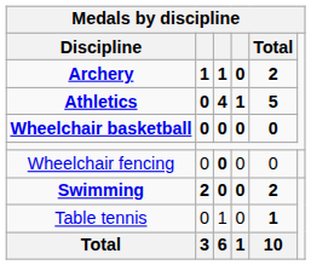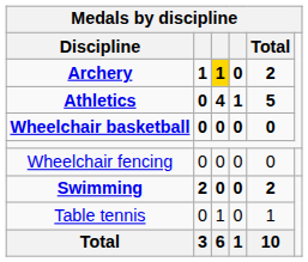 <table class="wikitable" style="font-size:85%" align="right">
 <tr bgcolor="#efefef">
 <th colspan=6>Medals by discipline</th>
 </tr>
 <tr style="text-align:center;">
 <th>Discipline</th>
 <th></th>
 <th></th>
 <th></th>
 <th>Total</th>
 </tr>
 <tr style="text-align:center; font-weight:bold;">
 <td><a href='#'>Archery</a></td>
 <td>1</td>
-<td>1</td>
+<td style="background: gold;">1</td>
 <td>0</td>
 <td>2</td>
 </tr>
 <tr style="text-align:center; font-weight:bold;">
 <td><a href='#'>Athletics</a></td>
 <td>0</td>
 <td>4</td>
 <td>1</td>
 <td>5</td>
 </tr>
 <tr style="text-align:center; font-weight:bold;">
 <td><a href='#'>Wheelchair basketball</a></td>
 <td>0</td>
 <td>0</td>
 <td>0</td>
 <td>0</td>
 </tr>
 <tr style="text-align:center; font-weight:bold;">
 <td></td>
 </tr>
 <tr style="text-align:center; ">
 <td><a href='#'>Wheelchair fencing</a></td>
 <td>0</td>
-<td><strong>0</strong></td>
+<td>0</td>
 <td>0</td>
 <td>0</td>
 <td></td>
 </tr>
 <tr style="text-align:center; font-weight:bold;">
 <td><a href='#'>Swimming</a></td>
 <td>2</td>
 <td>0</td>
 <td>0</td>
 <td>2</td>
 </tr>
 <tr style="text-align:center;">
 <td><a href='#'>Table tennis</a></td>
 <td>0</td>
 <td>1</td>
 <td>0</td>
-<td><strong>1</strong></td>
+<td>1</td>
 </tr>
 <tr style="text-align:center;">
 <th>Total</th>
 <th>3</th>
 <th>6</th>
 <th>1</th>
 <th>10</th>
 </tr>
 </table>
